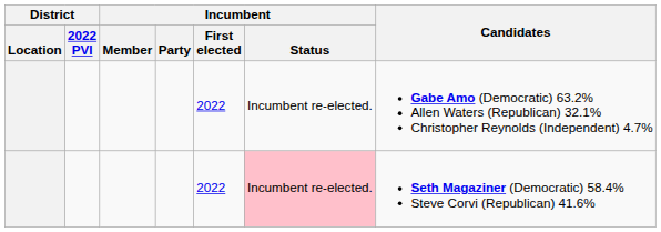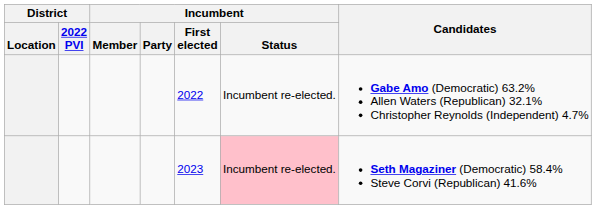 <table class="wikitable sortable">
 <tr>
 <th colspan=2>District</th>
 <th colspan=4>Incumbent</th>
 <th rowspan=2 class="unsortable">Candidates</th>
 </tr>
 <tr valign=bottom>
 <th>Location</th>
 <th><a href='#'>2022<br>PVI</a></th>
 <th>Member</th>
 <th>Party</th>
 <th>First<br>elected</th>
 <th>Status</th>
 </tr>
 <tr>
 <th></th>
 <td></td>
 <td></td>
 <td></td>
 <td><a href='#'>2022 </a></td>
 <td>Incumbent re-elected.</td>
 <td nowrap><br><ul><li> <strong><a href='#'>Gabe Amo</a></strong> (Democratic) 63.2%</li><li>Allen Waters (Republican) 32.1%</li><li>Christopher Reynolds (Independent) 4.7%</li></ul></td>
 </tr>
 <tr>
 <th></th>
 <td></td>
 <td></td>
 <td></td>
-<td><a href='#'>2022</a></td>
+<td><a href='#'>2023</a></td>
 <td style="background: pink;">Incumbent re-elected.</td>
 <td nowrap><br><ul><li> <strong><a href='#'>Seth Magaziner</a></strong> (Democratic) 58.4%</li><li>Steve Corvi (Republican) 41.6%</li></ul></td>
 </tr>
 </table>
